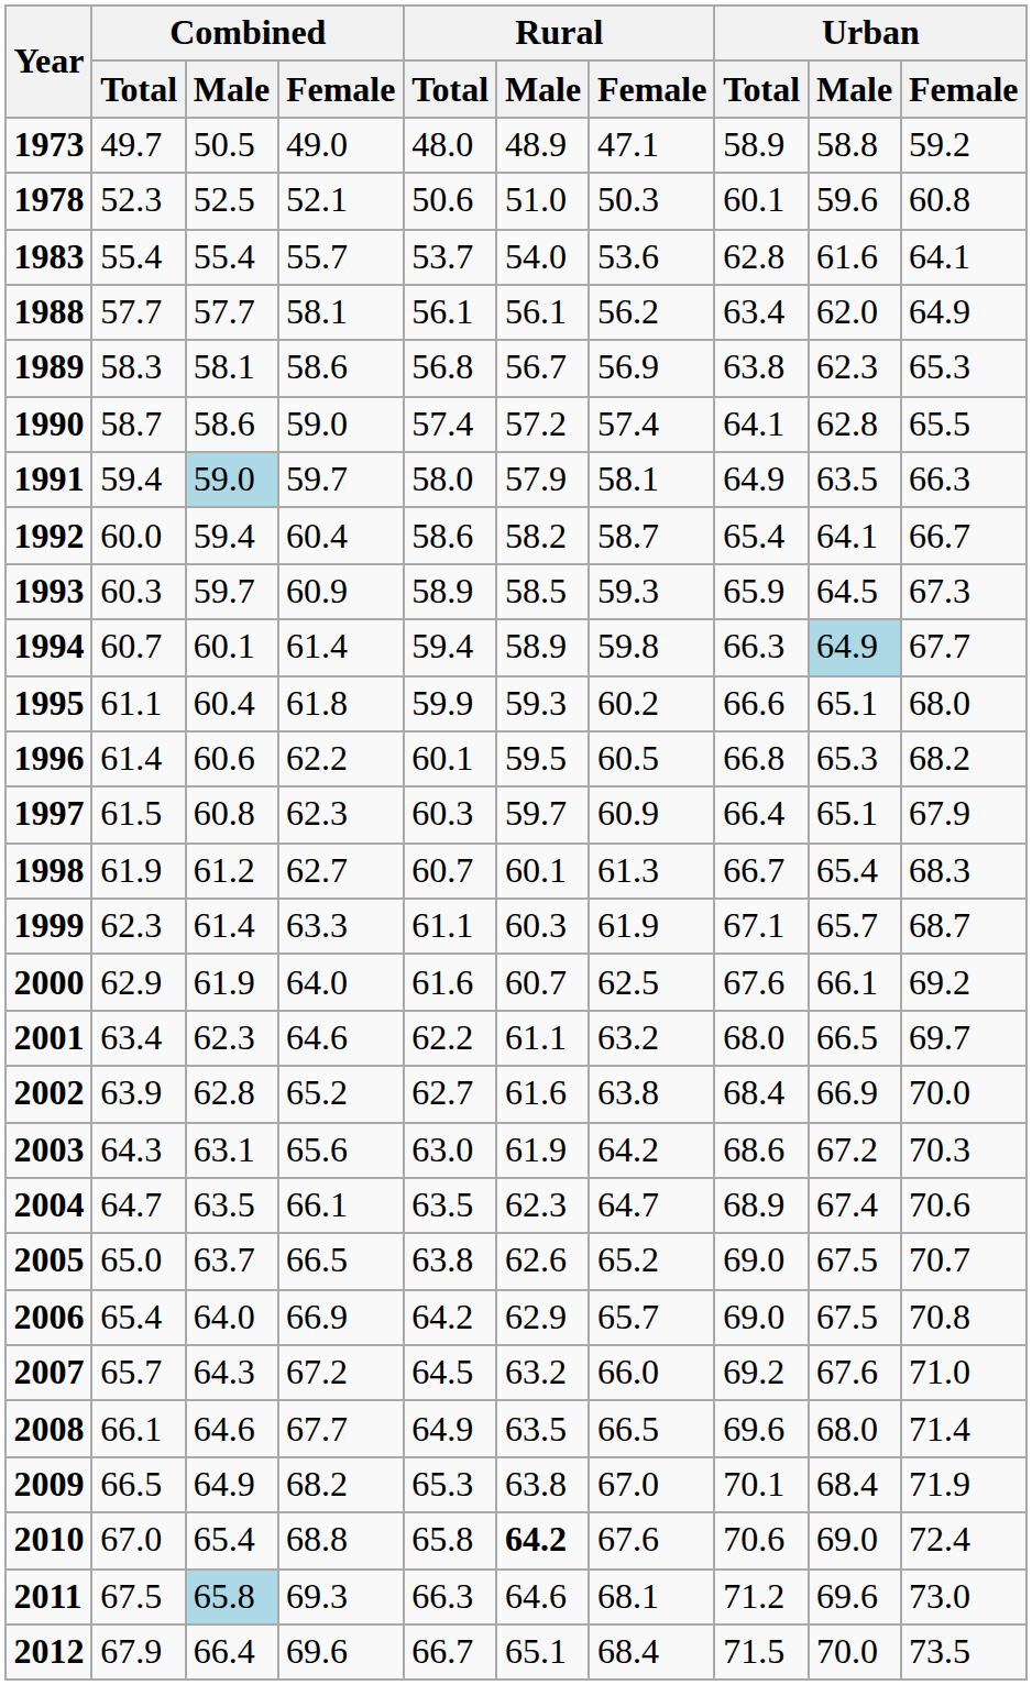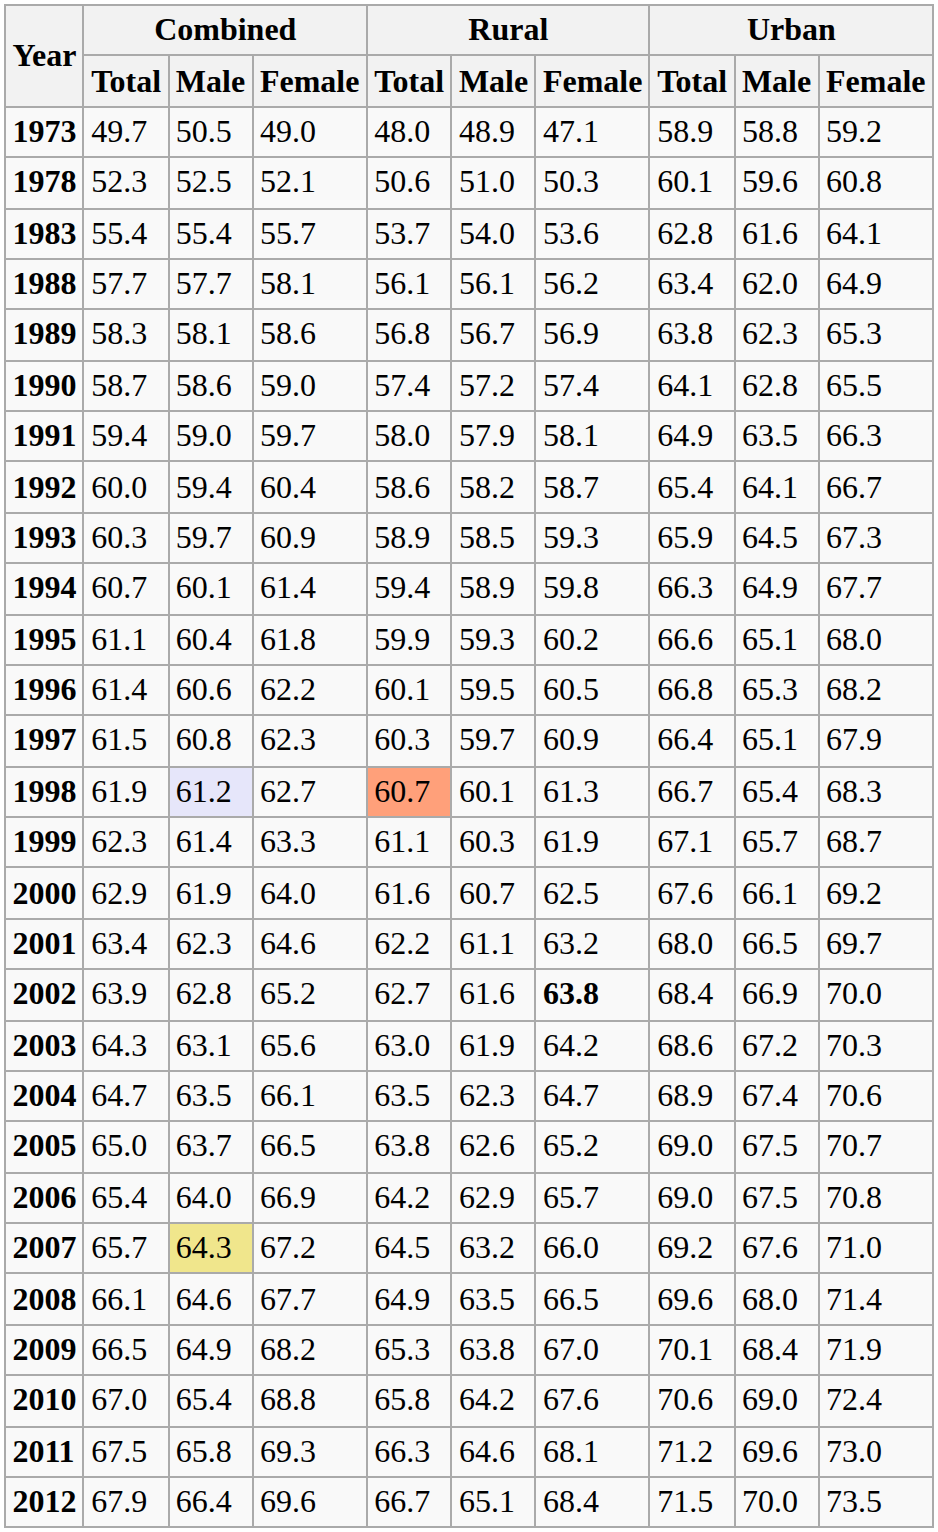 <table class="wikitable">
 <tr>
 <th rowspan=2>Year</th>
 <th colspan=3>Combined</th>
 <th colspan=3>Rural</th>
 <th colspan=3>Urban</th>
 </tr>
 <tr>
 <th>Total</th>
 <th>Male</th>
 <th>Female</th>
 <th>Total</th>
 <th>Male</th>
 <th>Female</th>
 <th>Total</th>
 <th>Male</th>
 <th>Female</th>
 </tr>
 <tr>
 <td><strong>1973</strong></td>
 <td>49.7</td>
 <td>50.5</td>
 <td>49.0</td>
 <td>48.0</td>
 <td>48.9</td>
 <td>47.1</td>
 <td>58.9</td>
 <td>58.8</td>
 <td>59.2</td>
 </tr>
 <tr>
 <td><strong>1978</strong></td>
 <td>52.3</td>
 <td>52.5</td>
 <td>52.1</td>
 <td>50.6</td>
 <td>51.0</td>
 <td>50.3</td>
 <td>60.1</td>
 <td>59.6</td>
 <td>60.8</td>
 </tr>
 <tr>
 <td><strong>1983</strong></td>
 <td>55.4</td>
 <td>55.4</td>
 <td>55.7</td>
 <td>53.7</td>
 <td>54.0</td>
 <td>53.6</td>
 <td>62.8</td>
 <td>61.6</td>
 <td>64.1</td>
 </tr>
 <tr>
 <td><strong>1988</strong></td>
 <td>57.7</td>
 <td>57.7</td>
 <td>58.1</td>
 <td>56.1</td>
 <td>56.1</td>
 <td>56.2</td>
 <td>63.4</td>
 <td>62.0</td>
 <td>64.9</td>
 </tr>
 <tr>
 <td><strong>1989</strong></td>
 <td>58.3</td>
 <td>58.1</td>
 <td>58.6</td>
 <td>56.8</td>
 <td>56.7</td>
 <td>56.9</td>
 <td>63.8</td>
 <td>62.3</td>
 <td>65.3</td>
 </tr>
 <tr>
 <td><strong>1990</strong></td>
 <td>58.7</td>
 <td>58.6</td>
 <td>59.0</td>
 <td>57.4</td>
 <td>57.2</td>
 <td>57.4</td>
 <td>64.1</td>
 <td>62.8</td>
 <td>65.5</td>
 </tr>
 <tr>
 <td><strong>1991</strong></td>
 <td>59.4</td>
-<td style="background: lightblue;">59.0</td>
+<td>59.0</td>
 <td>59.7</td>
 <td>58.0</td>
 <td>57.9</td>
 <td>58.1</td>
 <td>64.9</td>
 <td>63.5</td>
 <td>66.3</td>
 </tr>
 <tr>
 <td><strong>1992</strong></td>
 <td>60.0</td>
 <td>59.4</td>
 <td>60.4</td>
 <td>58.6</td>
 <td>58.2</td>
 <td>58.7</td>
 <td>65.4</td>
 <td>64.1</td>
 <td>66.7</td>
 </tr>
 <tr>
 <td><strong>1993</strong></td>
 <td>60.3</td>
 <td>59.7</td>
 <td>60.9</td>
 <td>58.9</td>
 <td>58.5</td>
 <td>59.3</td>
 <td>65.9</td>
 <td>64.5</td>
 <td>67.3</td>
 </tr>
 <tr>
 <td><strong>1994</strong></td>
 <td>60.7</td>
 <td>60.1</td>
 <td>61.4</td>
 <td>59.4</td>
 <td>58.9</td>
 <td>59.8</td>
 <td>66.3</td>
-<td style="background: lightblue;">64.9</td>
+<td>64.9</td>
 <td>67.7</td>
 </tr>
 <tr>
 <td><strong>1995</strong></td>
 <td>61.1</td>
 <td>60.4</td>
 <td>61.8</td>
 <td>59.9</td>
 <td>59.3</td>
 <td>60.2</td>
 <td>66.6</td>
 <td>65.1</td>
 <td>68.0</td>
 </tr>
 <tr>
 <td><strong>1996</strong></td>
 <td>61.4</td>
 <td>60.6</td>
 <td>62.2</td>
 <td>60.1</td>
 <td>59.5</td>
 <td>60.5</td>
 <td>66.8</td>
 <td>65.3</td>
 <td>68.2</td>
 </tr>
 <tr>
 <td><strong>1997</strong></td>
 <td>61.5</td>
 <td>60.8</td>
 <td>62.3</td>
 <td>60.3</td>
 <td>59.7</td>
 <td>60.9</td>
 <td>66.4</td>
 <td>65.1</td>
 <td>67.9</td>
 </tr>
 <tr>
 <td><strong>1998</strong></td>
 <td>61.9</td>
-<td>61.2</td>
+<td style="background: lavender;">61.2</td>
 <td>62.7</td>
-<td>60.7</td>
+<td style="background: lightsalmon;">60.7</td>
 <td>60.1</td>
 <td>61.3</td>
 <td>66.7</td>
 <td>65.4</td>
 <td>68.3</td>
 </tr>
 <tr>
 <td><strong>1999</strong></td>
 <td>62.3</td>
 <td>61.4</td>
 <td>63.3</td>
 <td>61.1</td>
 <td>60.3</td>
 <td>61.9</td>
 <td>67.1</td>
 <td>65.7</td>
 <td>68.7</td>
 </tr>
 <tr>
 <td><strong>2000</strong></td>
 <td>62.9</td>
 <td>61.9</td>
 <td>64.0</td>
 <td>61.6</td>
 <td>60.7</td>
 <td>62.5</td>
 <td>67.6</td>
 <td>66.1</td>
 <td>69.2</td>
 </tr>
 <tr>
 <td><strong>2001</strong></td>
 <td>63.4</td>
 <td>62.3</td>
 <td>64.6</td>
 <td>62.2</td>
 <td>61.1</td>
 <td>63.2</td>
 <td>68.0</td>
 <td>66.5</td>
 <td>69.7</td>
 </tr>
 <tr>
 <td><strong>2002</strong></td>
 <td>63.9</td>
 <td>62.8</td>
 <td>65.2</td>
 <td>62.7</td>
 <td>61.6</td>
-<td>63.8</td>
+<td><strong>63.8</strong></td>
 <td>68.4</td>
 <td>66.9</td>
 <td>70.0</td>
 </tr>
 <tr>
 <td><strong>2003</strong></td>
 <td>64.3</td>
 <td>63.1</td>
 <td>65.6</td>
 <td>63.0</td>
 <td>61.9</td>
 <td>64.2</td>
 <td>68.6</td>
 <td>67.2</td>
 <td>70.3</td>
 </tr>
 <tr>
 <td><strong>2004</strong></td>
 <td>64.7</td>
 <td>63.5</td>
 <td>66.1</td>
 <td>63.5</td>
 <td>62.3</td>
 <td>64.7</td>
 <td>68.9</td>
 <td>67.4</td>
 <td>70.6</td>
 </tr>
 <tr>
 <td><strong>2005</strong></td>
 <td>65.0</td>
 <td>63.7</td>
 <td>66.5</td>
 <td>63.8</td>
 <td>62.6</td>
 <td>65.2</td>
 <td>69.0</td>
 <td>67.5</td>
 <td>70.7</td>
 </tr>
 <tr>
 <td><strong>2006</strong></td>
 <td>65.4</td>
 <td>64.0</td>
 <td>66.9</td>
 <td>64.2</td>
 <td>62.9</td>
 <td>65.7</td>
 <td>69.0</td>
 <td>67.5</td>
 <td>70.8</td>
 </tr>
 <tr>
 <td><strong>2007</strong></td>
 <td>65.7</td>
-<td>64.3</td>
+<td style="background: khaki;">64.3</td>
 <td>67.2</td>
 <td>64.5</td>
 <td>63.2</td>
 <td>66.0</td>
 <td>69.2</td>
 <td>67.6</td>
 <td>71.0</td>
 </tr>
 <tr>
 <td><strong>2008</strong></td>
 <td>66.1</td>
 <td>64.6</td>
 <td>67.7</td>
 <td>64.9</td>
 <td>63.5</td>
 <td>66.5</td>
 <td>69.6</td>
 <td>68.0</td>
 <td>71.4</td>
 </tr>
 <tr>
 <td><strong>2009</strong></td>
 <td>66.5</td>
 <td>64.9</td>
 <td>68.2</td>
 <td>65.3</td>
 <td>63.8</td>
 <td>67.0</td>
 <td>70.1</td>
 <td>68.4</td>
 <td>71.9</td>
 </tr>
 <tr>
 <td><strong>2010</strong></td>
 <td>67.0</td>
 <td>65.4</td>
 <td>68.8</td>
 <td>65.8</td>
-<td><strong>64.2</strong></td>
+<td>64.2</td>
 <td>67.6</td>
 <td>70.6</td>
 <td>69.0</td>
 <td>72.4</td>
 </tr>
 <tr>
 <td><strong>2011</strong></td>
 <td>67.5</td>
-<td style="background: lightblue;">65.8</td>
+<td>65.8</td>
 <td>69.3</td>
 <td>66.3</td>
 <td>64.6</td>
 <td>68.1</td>
 <td>71.2</td>
 <td>69.6</td>
 <td>73.0</td>
 </tr>
 <tr>
 <td><strong>2012</strong></td>
 <td>67.9</td>
 <td>66.4</td>
 <td>69.6</td>
 <td>66.7</td>
 <td>65.1</td>
 <td>68.4</td>
 <td>71.5</td>
 <td>70.0</td>
 <td>73.5</td>
 </tr>
 </table>
